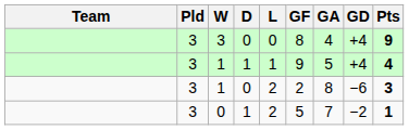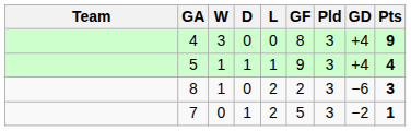 <table class="wikitable" style="text-align: center;">
 <tr>
 <th width="175">Team</th>
-<th width="20">Pld</th>
+<th width="20">GA</th>
 <th width="20">W</th>
 <th width="20">D</th>
 <th width="20">L</th>
 <th width="20">GF</th>
-<th width="20">GA</th>
+<th width="20">Pld</th>
 <th width="20">GD</th>
 <th width="20">Pts</th>
 </tr>
 <tr bgcolor="#ccffcc">
 <td align=left></td>
-<td>3</td>
+<td>4</td>
 <td>3</td>
 <td>0</td>
 <td>0</td>
 <td>8</td>
-<td>4</td>
+<td>3</td>
 <td>+4</td>
 <td><strong>9</strong></td>
 </tr>
 <tr bgcolor="#ccffcc">
 <td align=left></td>
-<td>3</td>
+<td>5</td>
 <td>1</td>
 <td>1</td>
 <td>1</td>
 <td>9</td>
-<td>5</td>
+<td>3</td>
 <td>+4</td>
 <td><strong>4</strong></td>
 </tr>
 <tr>
 <td align=left></td>
-<td>3</td>
+<td>8</td>
 <td>1</td>
 <td>0</td>
 <td>2</td>
 <td>2</td>
-<td>8</td>
+<td>3</td>
 <td>−6</td>
 <td><strong>3</strong></td>
 </tr>
 <tr>
 <td align=left></td>
-<td>3</td>
+<td>7</td>
 <td>0</td>
 <td>1</td>
 <td>2</td>
 <td>5</td>
-<td>7</td>
+<td>3</td>
 <td>−2</td>
 <td><strong>1</strong></td>
 </tr>
 </table>
